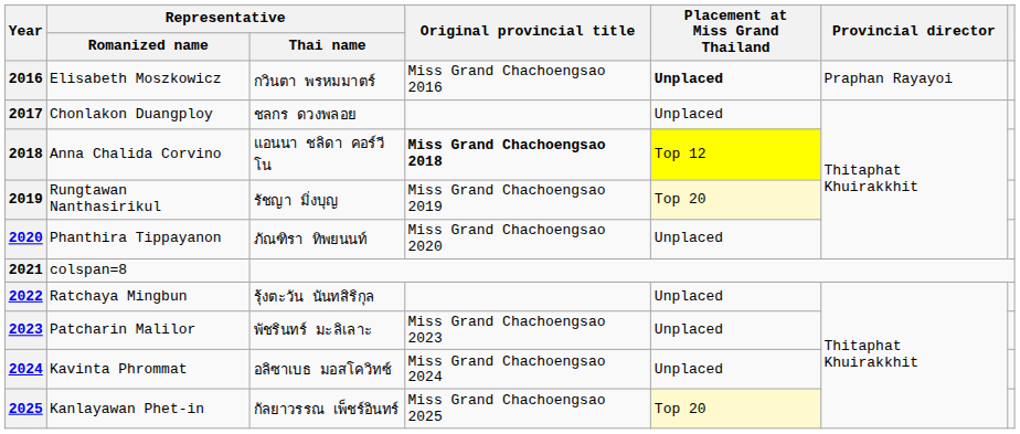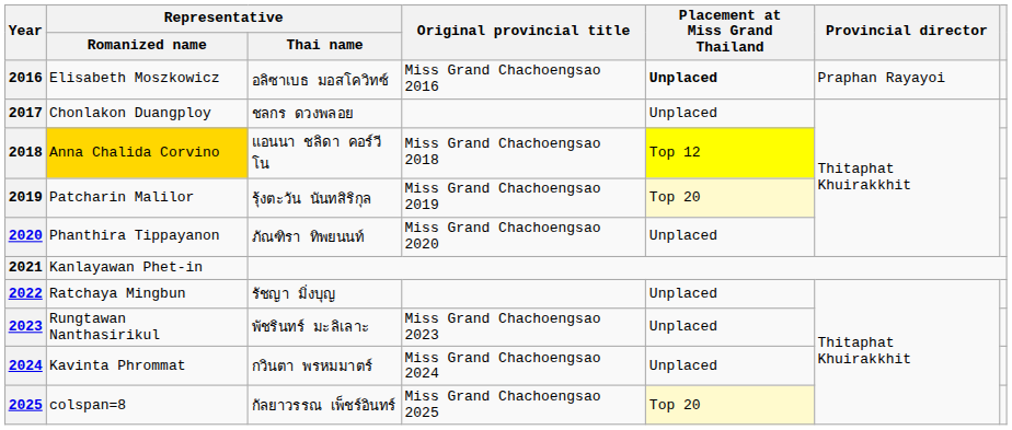 <table class="wikitable defaultcenter col2left col3left col6left" style="font-size:95%;">
 <tr>
 <th rowspan=2>Year</th>
 <th colspan=2>Representative</th>
 <th rowspan=2>Original provincial title</th>
 <th rowspan=2>Placement at<br>Miss Grand Thailand</th>
 <th rowspan=2>Provincial director</th>
 <th rowspan=2></th>
 </tr>
 <tr>
 <th>Romanized name</th>
 <th>Thai name</th>
 </tr>
 <tr>
 <th>2016</th>
 <td>Elisabeth Moszkowicz</td>
-<td>กวินตา พรหมมาตร์</td>
+<td>อลิซาเบธ มอสโควิทซ์</td>
 <td>Miss Grand Chachoengsao 2016</td>
 <td><strong>Unplaced</strong></td>
 <td>Praphan Rayayoi</td>
 <td></td>
 </tr>
 <tr>
 <th>2017</th>
 <td>Chonlakon Duangploy</td>
 <td>ชลกร ดวงพลอย</td>
 <td></td>
 <td>Unplaced</td>
 <td rowspan=4>Thitaphat Khuirakkhit</td>
 <td></td>
 </tr>
 <tr>
 <th>2018</th>
-<td>Anna Chalida Corvino</td>
+<td style="background: gold;">Anna Chalida Corvino</td>
 <td>แอนนา ชลิดา คอร์วีโน</td>
-<td><strong>Miss Grand Chachoengsao 2018</strong></td>
+<td>Miss Grand Chachoengsao 2018</td>
 <td bgcolor=yellow>Top 12</td>
 <td></td>
 </tr>
 <tr>
 <th>2019</th>
-<td>Rungtawan Nanthasirikul</td>
-<td>รัชญา มิ่งบุญ</td>
+<td>Patcharin Malilor</td>
+<td>รุ้งตะวัน นันทสิริกุล</td>
 <td>Miss Grand Chachoengsao 2019</td>
 <td bgcolor=#FFFACD>Top 20</td>
 <td></td>
 </tr>
 <tr>
 <th><a href='#'>2020</a></th>
 <td>Phanthira Tippayanon</td>
 <td>ภัณฑิรา ทิพยนนท์</td>
 <td>Miss Grand Chachoengsao 2020</td>
 <td>Unplaced</td>
 <td></td>
 </tr>
 <tr>
 <th>2021</th>
-<td>colspan=8 </td>
+<td>Kanlayawan Phet-in</td>
 </tr>
 <tr>
 <th><a href='#'>2022</a></th>
 <td>Ratchaya Mingbun</td>
-<td>รุ้งตะวัน นันทสิริกุล</td>
+<td>รัชญา มิ่งบุญ</td>
 <td></td>
 <td>Unplaced</td>
 <td rowspan=4>Thitaphat Khuirakkhit</td>
 <td></td>
 </tr>
 <tr>
 <th><a href='#'>2023</a></th>
-<td>Patcharin Malilor</td>
+<td>Rungtawan Nanthasirikul</td>
 <td>พัชรินทร์ มะลิเลาะ</td>
 <td>Miss Grand Chachoengsao 2023</td>
 <td>Unplaced</td>
 <td></td>
 </tr>
 <tr>
 <th><a href='#'>2024</a></th>
 <td>Kavinta Phrommat</td>
-<td>อลิซาเบธ มอสโควิทซ์</td>
+<td>กวินตา พรหมมาตร์</td>
 <td>Miss Grand Chachoengsao 2024</td>
 <td>Unplaced</td>
 <td></td>
 </tr>
 <tr>
 <th><a href='#'>2025</a></th>
-<td>Kanlayawan Phet-in</td>
+<td>colspan=8 </td>
 <td>กัลยาวรรณ เพ็ชร์อินทร์</td>
 <td>Miss Grand Chachoengsao 2025</td>
 <td bgcolor=#FFFACD>Top 20</td>
 </tr>
 </table>
